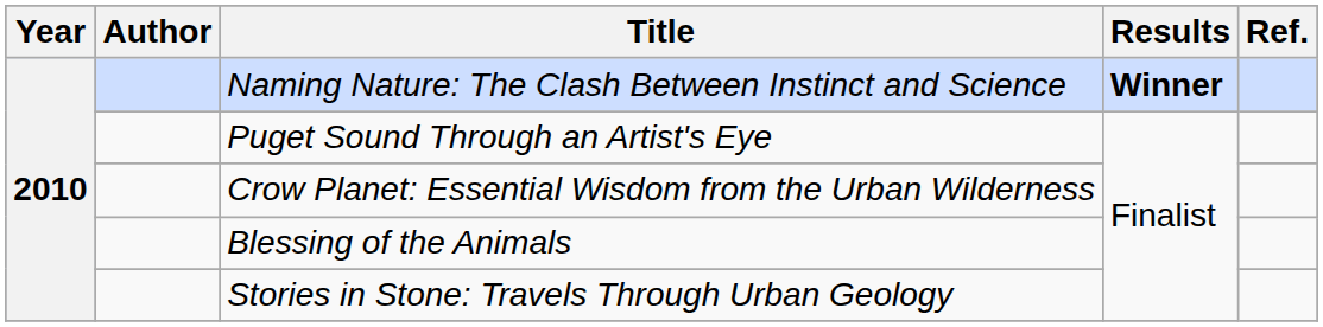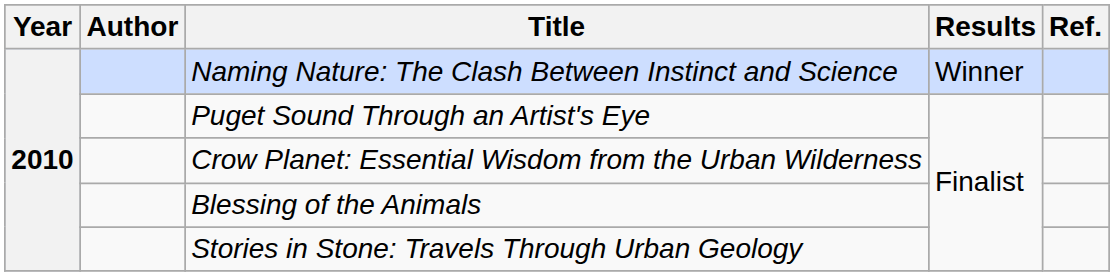 <table class="wikitable sortable mw-collapsible">
 <tr>
 <th>Year</th>
 <th>Author</th>
 <th>Title</th>
 <th>Results</th>
 <th>Ref.</th>
 </tr>
 <tr style="background:#cddeff">
 <th rowspan="5">2010</th>
 <td></td>
 <td><em>Naming Nature: The Clash Between Instinct and Science</em></td>
-<td><strong>Winner</strong></td>
+<td>Winner</td>
 <td></td>
 </tr>
 <tr>
 <td></td>
 <td><em>Puget Sound Through an Artist's Eye</em></td>
 <td rowspan="4">Finalist</td>
 <td></td>
 </tr>
 <tr>
 <td></td>
 <td><em>Crow Planet: Essential Wisdom from the Urban Wilderness</em></td>
 <td></td>
 </tr>
 <tr>
 <td></td>
 <td><em>Blessing of the Animals</em></td>
 <td></td>
 </tr>
 <tr>
 <td></td>
 <td><em>Stories in Stone: Travels Through Urban Geology</em></td>
 <td></td>
 </tr>
 </table>
